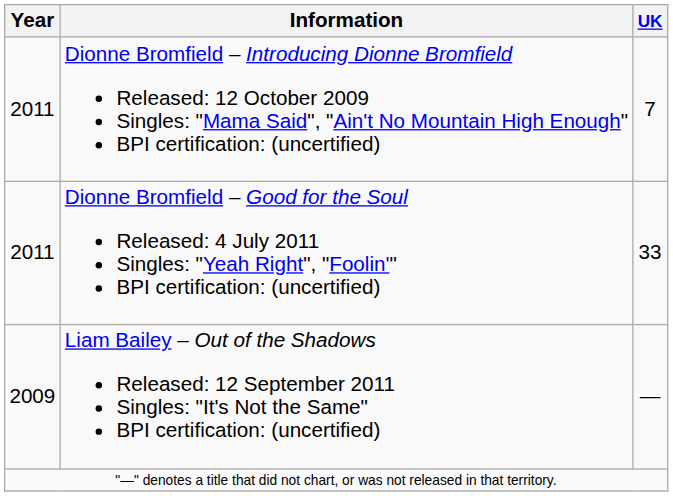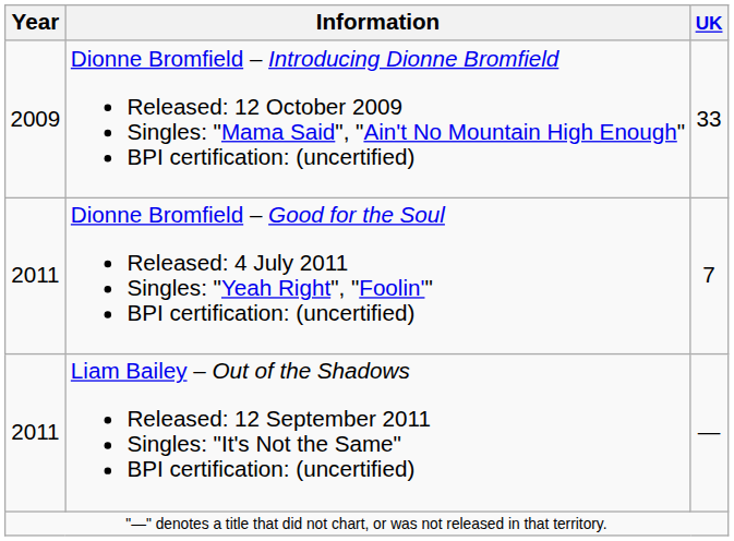 <table class="wikitable sortable">
 <tr>
 <th align="center">Year</th>
 <th align="center">Information</th>
 <th><small><a href='#'>UK</a></small></th>
 </tr>
 <tr>
+<td align="center">2009</td>
+<td align="left"><a href='#'>Dionne Bromfield</a> – <em><a href='#'>Introducing Dionne Bromfield</a></em><br><ul><li>Released: 12 October 2009</li><li>Singles: "<a href='#'>Mama Said</a>", "<a href='#'>Ain't No Mountain High Enough</a>"</li><li>BPI certification: (uncertified)</li></ul></td>
+<td align="center">33</td>
+</tr>
+<tr>
 <td align="center">2011</td>
-<td align="left"><a href='#'>Dionne Bromfield</a> – <em><a href='#'>Introducing Dionne Bromfield</a></em><br><ul><li>Released: 12 October 2009</li><li>Singles: "<a href='#'>Mama Said</a>", "<a href='#'>Ain't No Mountain High Enough</a>"</li><li>BPI certification: (uncertified)</li></ul></td>
+<td align="left"><a href='#'>Dionne Bromfield</a> – <em><a href='#'>Good for the Soul</a></em><br><ul><li>Released: 4 July 2011</li><li>Singles: "<a href='#'>Yeah Right</a>", "<a href='#'>Foolin'</a>"</li><li>BPI certification: (uncertified)</li></ul></td>
 <td align="center">7</td>
 </tr>
 <tr>
 <td align="center">2011</td>
-<td align="left"><a href='#'>Dionne Bromfield</a> – <em><a href='#'>Good for the Soul</a></em><br><ul><li>Released: 4 July 2011</li><li>Singles: "<a href='#'>Yeah Right</a>", "<a href='#'>Foolin'</a>"</li><li>BPI certification: (uncertified)</li></ul></td>
-<td align="center">33</td>
-</tr>
-<tr>
-<td align="center">2009</td>
 <td align="left"><a href='#'>Liam Bailey</a> – <em>Out of the Shadows</em><br><ul><li>Released: 12 September 2011</li><li>Singles: "It's Not the Same"</li><li>BPI certification: (uncertified)</li></ul></td>
 <td align="center">—</td>
 </tr>
 <tr>
 <td colspan="15" style="font-size:8pt "align="center">"—" denotes a title that did not chart, or was not released in that territory.</td>
 </tr>
 </table>
